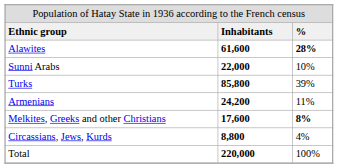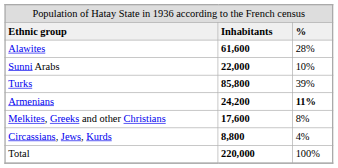 <table cellpadding="4" cellspacing="0" width=40% align="center" rules="all" style="margin: 1em; background: #ffffff; border: 2px solid #aaa; font-size: 100%;">
 <tr bgcolor=#DDDDDD>
 <td colspan=7 align="center">Population of Hatay State in 1936 according to the French census</td>
 </tr>
 <tr bgcolor=#f0f0f0 align="left">
 <th>Ethnic group</th>
 <th>Inhabitants</th>
 <th>%</th>
 </tr>
 <tr>
 <td><a href='#'>Alawites</a></td>
 <td><strong>61,600</strong></td>
-<td><strong>28%</strong></td>
+<td>28%</td>
 </tr>
 <tr>
 <td><a href='#'>Sunni</a> Arabs</td>
 <td><strong>22,000</strong></td>
 <td>10%</td>
 </tr>
 <tr>
 <td><a href='#'>Turks</a></td>
 <td><strong>85,800</strong></td>
 <td>39%</td>
 </tr>
 <tr>
 <td><a href='#'>Armenians</a></td>
 <td><strong>24,200</strong></td>
-<td>11%</td>
+<td><strong>11%</strong></td>
 </tr>
 <tr>
 <td><a href='#'>Melkites</a>, <a href='#'>Greeks</a> and other <a href='#'>Christians</a></td>
 <td><strong>17,600</strong></td>
-<td><strong>8%</strong></td>
+<td>8%</td>
 </tr>
 <tr>
 <td><a href='#'>Circassians</a>, <a href='#'>Jews</a>, <a href='#'>Kurds</a></td>
 <td><strong>8,800</strong></td>
 <td>4%</td>
 </tr>
 <tr>
 <td>Total</td>
 <td><strong>220,000</strong></td>
 <td>100%</td>
 </tr>
 <tr>
 </tr>
 </table>
